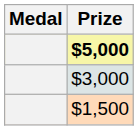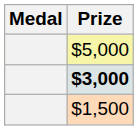 <table class=wikitable style="text-align:center;">
 <tr>
 <th>Medal</th>
 <th>Prize</th>
 </tr>
 <tr bgcolor=F7F6A8>
 <th></th>
-<td><strong>$5,000</strong></td>
+<td>$5,000</td>
 </tr>
 <tr bgcolor=DCE5E5>
 <th></th>
-<td>$3,000</td>
+<td><strong>$3,000</strong></td>
 </tr>
 <tr bgcolor=FFDAB9>
 <th></th>
 <td>$1,500</td>
 </tr>
 </table>
